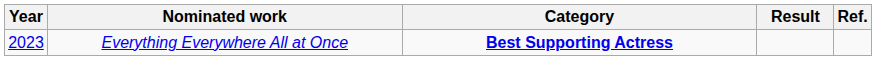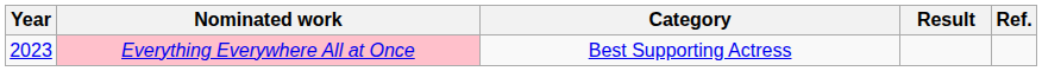 <table class="wikitable">
 <tr>
 <th scope="col" style="width:1em;">Year</th>
 <th scope="col" style="width:30em;">Nominated work</th>
 <th scope="col" style="width:30em;">Category</th>
 <th scope="col" style="width:5em;">Result</th>
 <th scope="col" style="width:1em;">Ref.</th>
 </tr>
 <tr>
 <td align="center"><a href='#'>2023</a></td>
-<td align="center"><em><a href='#'>Everything Everywhere All at Once</a></em></td>
-<td align="center"><strong><a href='#'>Best Supporting Actress</a></strong></td>
+<td align="center" style="background: pink;"><em><a href='#'>Everything Everywhere All at Once</a></em></td>
+<td align="center"><a href='#'>Best Supporting Actress</a></td>
 <td></td>
 <td align="center"></td>
 </tr>
 </table>
